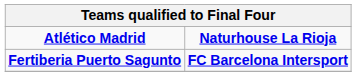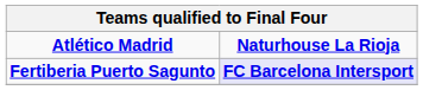 <table class="wikitable" style="text-align: center; margin: 0 auto;">
 <tr>
 <th colspan="4">Teams qualified to <strong>Final Four</strong></th>
 </tr>
 <tr>
 <td><strong><a href='#'>Atlético Madrid</a></strong></td>
 <td><strong><a href='#'>Naturhouse La Rioja</a></strong></td>
 </tr>
 <tr>
 <td><strong><a href='#'>Fertiberia Puerto Sagunto</a></strong></td>
-<td><strong><a href='#'>FC Barcelona Intersport</a></strong></td>
+<td style="background: lavender;"><strong><a href='#'>FC Barcelona Intersport</a></strong></td>
 </tr>
 <tr>
 </tr>
 </table>
